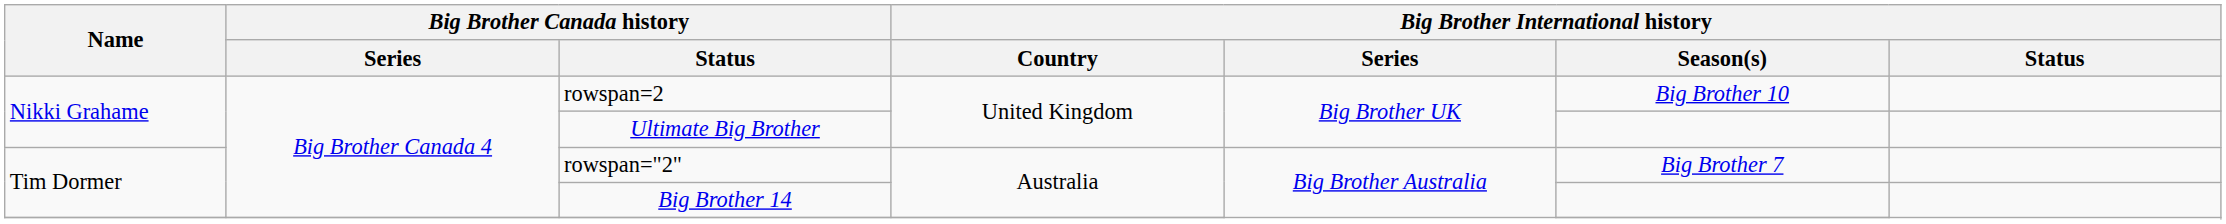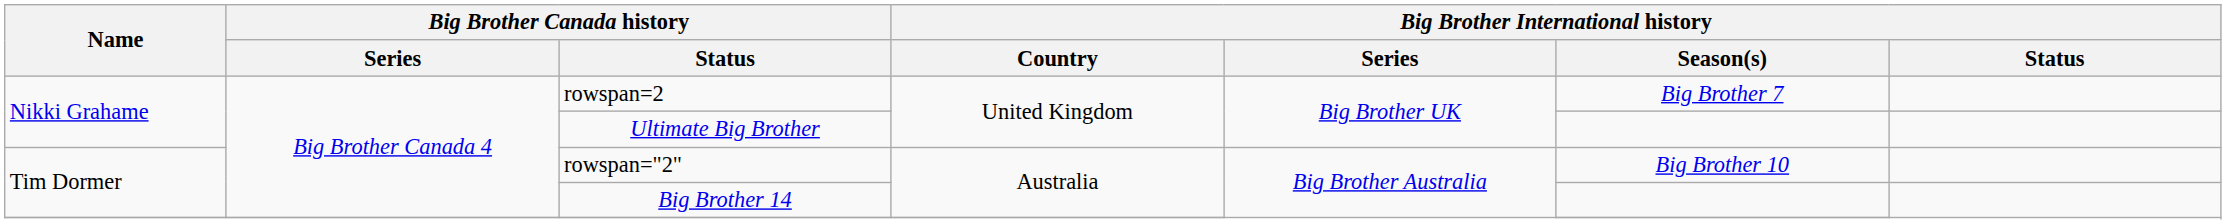 <table class="wikitable" style="width: 100%">
 <tr>
 <th rowspan="2" style="text-align:center">Name</th>
 <th colspan="2" style="text-align:center"><em>Big Brother Canada</em> history</th>
 <th colspan="4" style="text-align:center"><em>Big Brother International</em> history</th>
 </tr>
 <tr>
 <th style="text-align:center; width:15%;">Series</th>
 <th style="text-align:center; width:15%;">Status</th>
 <th style="text-align:center; width:15%;">Country</th>
 <th style="text-align:center; width:15%;">Series</th>
 <th style="text-align:center; width:15%;">Season(s)</th>
 <th style="text-align:center; width:15%;">Status</th>
 </tr>
 <tr>
 <td rowspan=2><a href='#'>Nikki Grahame</a></td>
 <td rowspan="4" style="text-align:center"><em><a href='#'>Big Brother Canada 4</a></em></td>
 <td>rowspan=2 </td>
 <td rowspan=2 style="text-align:center">United Kingdom</td>
 <td style="text-align:center" rowspan=2><em><a href='#'>Big Brother UK</a></em></td>
-<td style="text-align:center"><em><a href='#'>Big Brother 10</a></em></td>
+<td style="text-align:center"><em><a href='#'>Big Brother 7</a></em></td>
 <td></td>
 </tr>
 <tr>
 <td style="text-align:center"><em><a href='#'>Ultimate Big Brother</a></em></td>
 <td></td>
 </tr>
 <tr>
 <td rowspan="2">Tim Dormer</td>
 <td>rowspan="2" </td>
 <td rowspan="2" style="text-align:center">Australia</td>
 <td rowspan="3" style="text-align:center"><em><a href='#'>Big Brother Australia</a></em></td>
-<td style="text-align:center"><em><a href='#'>Big Brother 7</a></em></td>
+<td style="text-align:center"><em><a href='#'>Big Brother 10</a></em></td>
 <td></td>
 </tr>
 <tr>
 <td style="text-align:center"><em><a href='#'>Big Brother 14</a></em></td>
 <td></td>
 </tr>
 <tr>
 </tr>
 </table>
